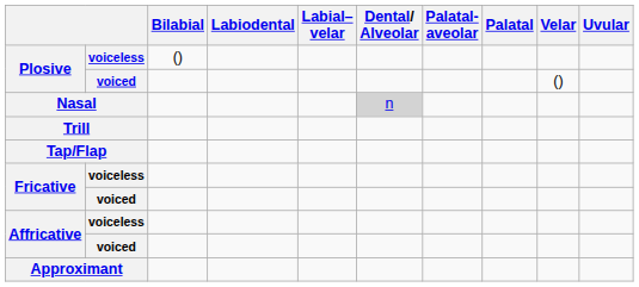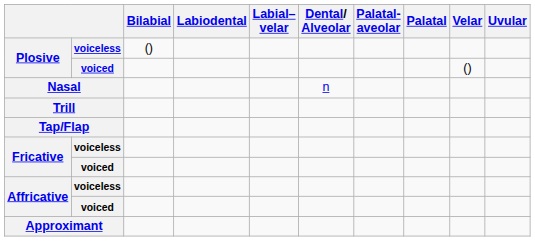 <table class="wikitable" style = "text-align:center">
 <tr>
 <th colspan="2"></th>
 <th><a href='#'>Bilabial</a></th>
 <th><a href='#'>Labiodental</a></th>
 <th><a href='#'>Labial–velar</a></th>
 <th><a href='#'>Dental</a>/<br><a href='#'>Alveolar</a></th>
 <th><a href='#'>Palatal-</a><br><a href='#'>aveolar</a></th>
 <th><a href='#'>Palatal</a></th>
 <th><a href='#'>Velar</a></th>
 <th><a href='#'>Uvular</a></th>
 </tr>
 <tr>
 <th rowspan="2"><a href='#'>Plosive</a></th>
 <th><small><a href='#'>voiceless</a></small></th>
 <td> ()</td>
 <td></td>
 <td></td>
 <td></td>
 <td></td>
 <td></td>
 <td></td>
 <td></td>
 </tr>
 <tr>
 <th><small><a href='#'>voiced</a></small></th>
 <td></td>
 <td></td>
 <td></td>
 <td></td>
 <td></td>
 <td></td>
 <td> ()</td>
 <td></td>
 </tr>
 <tr>
 <th colspan="2"><a href='#'>Nasal</a></th>
 <td></td>
 <td></td>
 <td></td>
-<td style="background: lightgrey;"><a href='#'>n</a></td>
+<td><a href='#'>n</a></td>
 <td></td>
 <td></td>
 <td></td>
 <td></td>
 </tr>
 <tr>
 <th colspan="2"><a href='#'>Trill</a></th>
 <td></td>
 <td></td>
 <td></td>
 <td></td>
 <td></td>
 <td></td>
 <td></td>
 <td></td>
 </tr>
 <tr>
 <th colspan="2"><a href='#'>Tap/Flap</a></th>
 <td></td>
 <td></td>
 <td></td>
 <td></td>
 <td></td>
 <td></td>
 <td></td>
 <td></td>
 </tr>
 <tr>
 <th rowspan="2"><a href='#'>Fricative</a></th>
 <th><small>voiceless</small></th>
 <td></td>
 <td></td>
 <td></td>
 <td></td>
 <td></td>
 <td></td>
 <td></td>
 <td></td>
 </tr>
 <tr>
 <th><small>voiced</small></th>
 <td></td>
 <td></td>
 <td></td>
 <td></td>
 <td></td>
 <td></td>
 <td></td>
 <td></td>
 </tr>
 <tr>
 <th rowspan="2"><a href='#'>Affricative</a></th>
 <th><small>voiceless</small></th>
 <td></td>
 <td></td>
 <td></td>
 <td></td>
 <td></td>
 <td></td>
 <td></td>
 <td></td>
 </tr>
 <tr>
 <th><small>voiced</small></th>
 <td></td>
 <td></td>
 <td></td>
 <td></td>
 <td></td>
 <td></td>
 <td></td>
 <td></td>
 </tr>
 <tr>
 <th colspan="2"><a href='#'>Approximant</a></th>
 <td></td>
 <td></td>
 <td></td>
 <td></td>
 <td></td>
 <td></td>
 <td></td>
 <td></td>
 </tr>
 </table>
